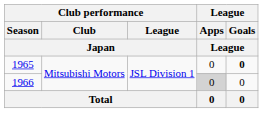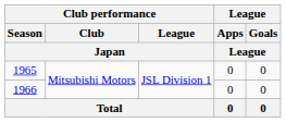 <table class="wikitable" style="text-align:center;">
 <tr>
 <th colspan=3>Club performance</th>
 <th colspan=2>League</th>
 </tr>
 <tr>
 <th>Season</th>
 <th>Club</th>
 <th>League</th>
 <th>Apps</th>
 <th>Goals</th>
 </tr>
 <tr>
 <th colspan=3>Japan</th>
 <th colspan=2>League</th>
 </tr>
 <tr>
 <td><a href='#'>1965</a></td>
 <td rowspan="2"><a href='#'>Mitsubishi Motors</a></td>
 <td rowspan="2"><a href='#'>JSL Division 1</a></td>
 <td>0</td>
-<td><strong>0</strong></td>
+<td>0</td>
 </tr>
 <tr>
 <td><a href='#'>1966</a></td>
-<td style="background: lightgrey;">0</td>
+<td>0</td>
 <td>0</td>
 </tr>
 <tr>
 <th colspan=3>Total</th>
 <th>0</th>
 <th>0</th>
 </tr>
 </table>
